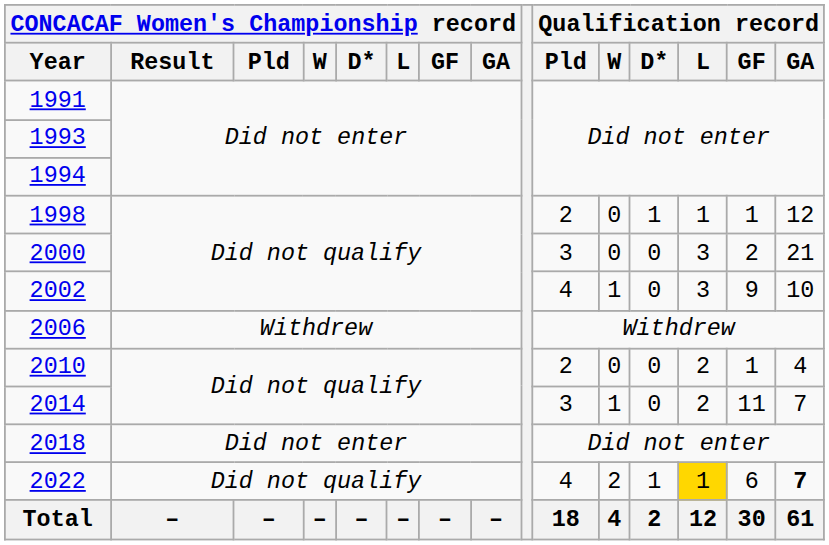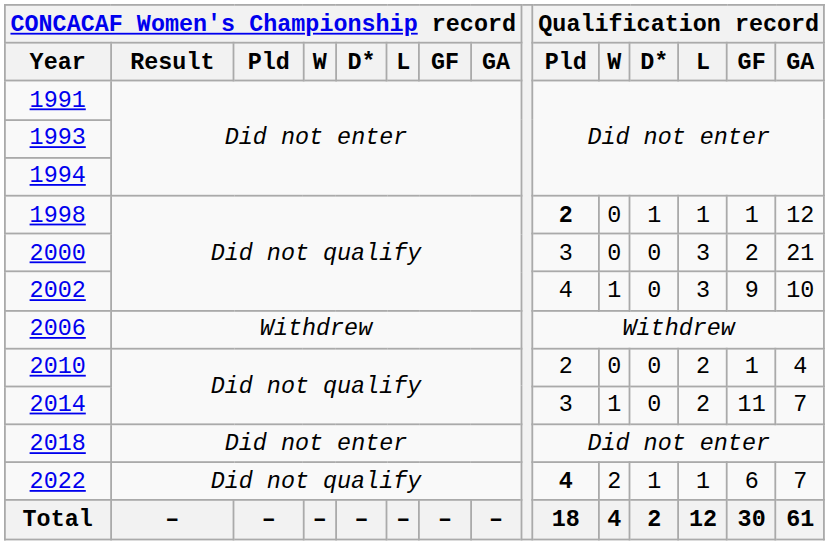 <table class="wikitable" style="text-align: center;">
 <tr>
 <th colspan=8><a href='#'>CONCACAF Women's Championship</a> record</th>
 <th rowspan=14></th>
 <th colspan=6>Qualification record</th>
 </tr>
 <tr>
 <th>Year</th>
 <th>Result</th>
 <th>Pld</th>
 <th>W</th>
 <th>D*</th>
 <th>L</th>
 <th>GF</th>
 <th>GA</th>
 <th>Pld</th>
 <th>W</th>
 <th>D*</th>
 <th>L</th>
 <th>GF</th>
 <th>GA</th>
 </tr>
 <tr>
 <td> <a href='#'>1991</a></td>
 <td colspan=7 rowspan=3><em>Did not enter</em></td>
 <td colspan=6 rowspan=3><em>Did not enter</em></td>
 </tr>
 <tr>
 <td> <a href='#'>1993</a></td>
 </tr>
 <tr>
 <td> <a href='#'>1994</a></td>
 </tr>
 <tr>
 <td> <a href='#'>1998</a></td>
 <td colspan=7 rowspan=3><em>Did not qualify</em></td>
-<td>2</td>
+<td><strong>2</strong></td>
 <td>0</td>
 <td>1</td>
 <td>1</td>
 <td>1</td>
 <td>12</td>
 </tr>
 <tr>
 <td> <a href='#'>2000</a></td>
 <td>3</td>
 <td>0</td>
 <td>0</td>
 <td>3</td>
 <td>2</td>
 <td>21</td>
 </tr>
 <tr>
 <td> <a href='#'>2002</a></td>
 <td>4</td>
 <td>1</td>
 <td>0</td>
 <td>3</td>
 <td>9</td>
 <td>10</td>
 </tr>
 <tr>
 <td> <a href='#'>2006</a></td>
 <td colspan=7><em>Withdrew</em></td>
 <td colspan=6><em>Withdrew</em></td>
 </tr>
 <tr>
 <td> <a href='#'>2010</a></td>
 <td colspan=7 rowspan=2><em>Did not qualify</em></td>
 <td>2</td>
 <td>0</td>
 <td>0</td>
 <td>2</td>
 <td>1</td>
 <td>4</td>
 </tr>
 <tr>
 <td> <a href='#'>2014</a></td>
 <td>3</td>
 <td>1</td>
 <td>0</td>
 <td>2</td>
 <td>11</td>
 <td>7</td>
 </tr>
 <tr>
 <td> <a href='#'>2018</a></td>
 <td colspan=7><em>Did not enter</em></td>
 <td colspan=6><em>Did not enter</em></td>
 </tr>
 <tr>
 <td> <a href='#'>2022</a></td>
 <td colspan=7><em>Did not qualify</em></td>
-<td>4</td>
+<td><strong>4</strong></td>
 <td>2</td>
 <td>1</td>
-<td style="background: gold;">1</td>
+<td>1</td>
 <td>6</td>
-<td><strong>7</strong></td>
+<td>7</td>
 </tr>
 <tr>
 <th>Total</th>
 <th>–</th>
 <th>–</th>
 <th>–</th>
 <th>–</th>
 <th>–</th>
 <th>–</th>
 <th>–</th>
 <th>18</th>
 <th>4</th>
 <th>2</th>
 <th>12</th>
 <th>30</th>
 <th>61</th>
 </tr>
 </table>
